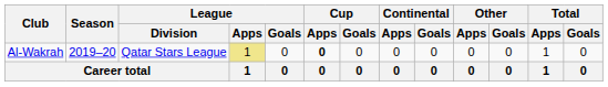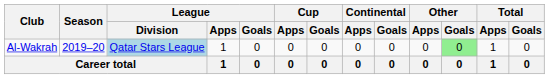 <table class="wikitable" style="text-align: center">
 <tr>
 <th rowspan="2">Club</th>
 <th rowspan="2">Season</th>
 <th colspan="3">League</th>
 <th colspan="2">Cup</th>
 <th colspan="2">Continental</th>
 <th colspan="2">Other</th>
 <th colspan="2">Total</th>
 </tr>
 <tr>
 <th>Division</th>
 <th>Apps</th>
 <th>Goals</th>
 <th>Apps</th>
 <th>Goals</th>
 <th>Apps</th>
 <th>Goals</th>
 <th>Apps</th>
 <th>Goals</th>
 <th>Apps</th>
 <th>Goals</th>
 </tr>
 <tr>
 <td><a href='#'>Al-Wakrah</a></td>
 <td><a href='#'>2019–20</a></td>
-<td><a href='#'>Qatar Stars League</a></td>
-<td style="background: khaki;">1</td>
-<td>0</td>
-<td><strong>0</strong></td>
+<td style="background: lightblue;"><a href='#'>Qatar Stars League</a></td>
+<td>1</td>
 <td>0</td>
 <td>0</td>
 <td>0</td>
 <td>0</td>
 <td>0</td>
+<td>0</td>
+<td style="background: lightgreen;">0</td>
 <td>1</td>
 <td>0</td>
 </tr>
 <tr>
 <th colspan=3>Career total</th>
 <th>1</th>
 <th>0</th>
 <th>0</th>
 <th>0</th>
 <th>0</th>
 <th>0</th>
 <th>0</th>
 <th>0</th>
 <th>1</th>
 <th>0</th>
 </tr>
 </table>
